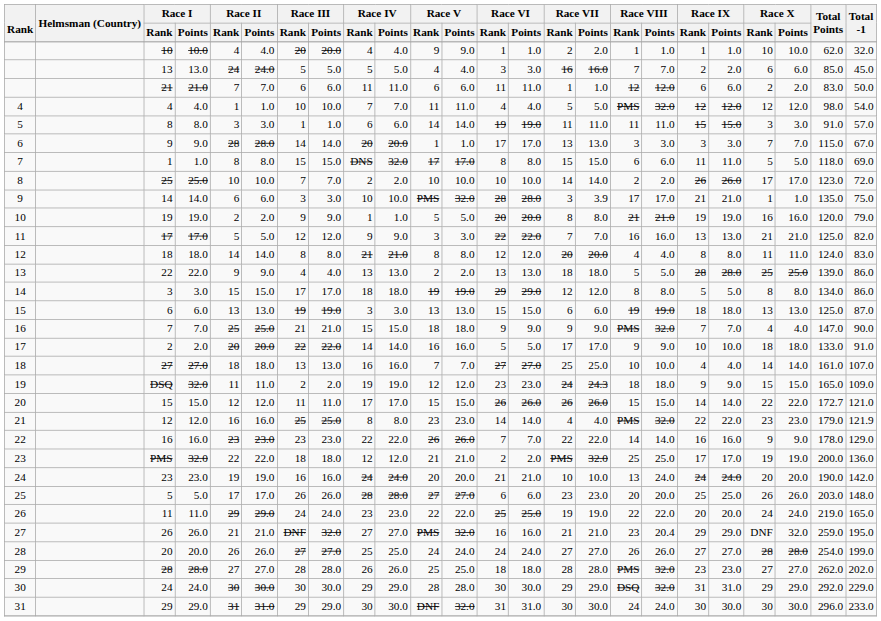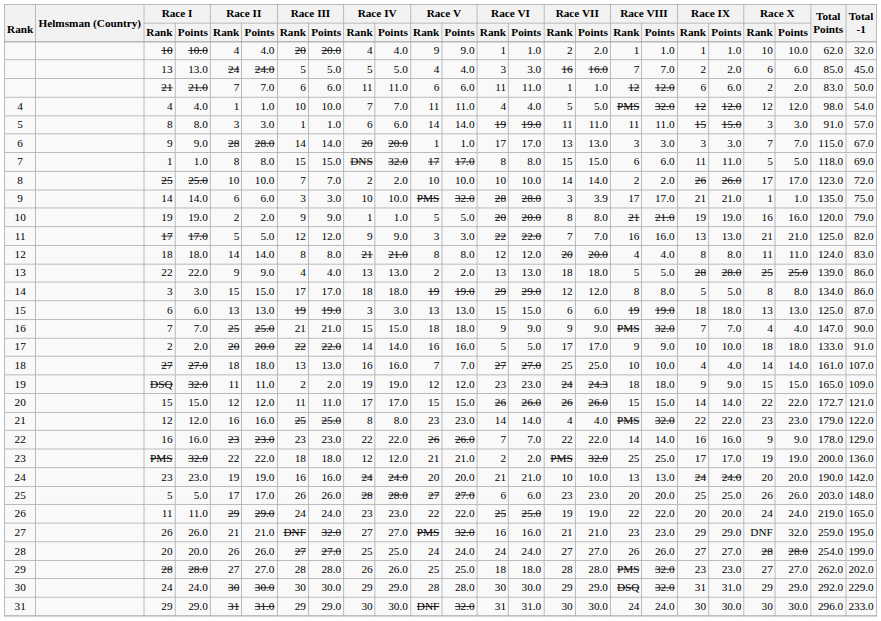 <table class="wikitable" style="text-align:right; font-size:90%">
 <tr>
 <th rowspan="2"><br>Rank</th>
 <th rowspan="2">Helmsman (Country)</th>
 <th colspan="2">Race I</th>
 <th colspan="2">Race II</th>
 <th colspan="2">Race III</th>
 <th colspan="2">Race IV</th>
 <th colspan="2">Race V</th>
 <th colspan="2">Race VI</th>
 <th colspan="2">Race VII</th>
 <th colspan="2">Race VIII</th>
 <th colspan="2">Race IX</th>
 <th colspan="2">Race X</th>
 <th rowspan="2">Total <br>Points <br></th>
 <th rowspan="2">Total<br>-1<br></th>
 </tr>
 <tr>
 <th>Rank</th>
 <th>Points</th>
 <th>Rank</th>
 <th>Points</th>
 <th>Rank</th>
 <th>Points</th>
 <th>Rank</th>
 <th>Points</th>
 <th>Rank</th>
 <th>Points</th>
 <th>Rank</th>
 <th>Points</th>
 <th>Rank</th>
 <th>Points</th>
 <th>Rank</th>
 <th>Points</th>
 <th>Rank</th>
 <th>Points</th>
 <th>Rank</th>
 <th>Points</th>
 </tr>
 <tr style="vertical-align:top;">
 </tr>
 <tr>
 <td align=center></td>
 <td align=left></td>
 <td><s>10</s></td>
 <td><s>10.0</s></td>
 <td>4</td>
 <td>4.0</td>
 <td><s>20</s></td>
 <td><s>20.0</s></td>
 <td>4</td>
 <td>4.0</td>
 <td>9</td>
 <td>9.0</td>
 <td>1</td>
 <td>1.0</td>
 <td>2</td>
 <td>2.0</td>
 <td>1</td>
 <td>1.0</td>
 <td>1</td>
 <td>1.0</td>
 <td>10</td>
 <td>10.0</td>
 <td>62.0</td>
 <td>32.0</td>
 </tr>
 <tr>
 <td align=center></td>
 <td align=left></td>
 <td>13</td>
 <td>13.0</td>
 <td><s>24</s></td>
 <td><s>24.0</s></td>
 <td>5</td>
 <td>5.0</td>
 <td>5</td>
 <td>5.0</td>
 <td>4</td>
 <td>4.0</td>
 <td>3</td>
 <td>3.0</td>
 <td><s>16</s></td>
 <td><s>16.0</s></td>
 <td>7</td>
 <td>7.0</td>
 <td>2</td>
 <td>2.0</td>
 <td>6</td>
 <td>6.0</td>
 <td>85.0</td>
 <td>45.0</td>
 </tr>
 <tr>
 <td align=center></td>
 <td align=left></td>
 <td><s>21</s></td>
 <td><s>21.0</s></td>
 <td>7</td>
 <td>7.0</td>
 <td>6</td>
 <td>6.0</td>
 <td>11</td>
 <td>11.0</td>
 <td>6</td>
 <td>6.0</td>
 <td>11</td>
 <td>11.0</td>
 <td>1</td>
 <td>1.0</td>
 <td><s>12</s></td>
 <td><s>12.0</s></td>
 <td>6</td>
 <td>6.0</td>
 <td>2</td>
 <td>2.0</td>
 <td>83.0</td>
 <td>50.0</td>
 </tr>
 <tr>
 <td align=center>4</td>
 <td align=left></td>
 <td>4</td>
 <td>4.0</td>
 <td>1</td>
 <td>1.0</td>
 <td>10</td>
 <td>10.0</td>
 <td>7</td>
 <td>7.0</td>
 <td>11</td>
 <td>11.0</td>
 <td>4</td>
 <td>4.0</td>
 <td>5</td>
 <td>5.0</td>
 <td><s>PMS</s></td>
 <td><s>32.0</s></td>
 <td><s>12</s></td>
 <td><s>12.0</s></td>
 <td>12</td>
 <td>12.0</td>
 <td>98.0</td>
 <td>54.0</td>
 </tr>
 <tr>
 <td align=center>5</td>
 <td align=left></td>
 <td>8</td>
 <td>8.0</td>
 <td>3</td>
 <td>3.0</td>
 <td>1</td>
 <td>1.0</td>
 <td>6</td>
 <td>6.0</td>
 <td>14</td>
 <td>14.0</td>
 <td><s>19</s></td>
 <td><s>19.0</s></td>
 <td>11</td>
 <td>11.0</td>
 <td>11</td>
 <td>11.0</td>
 <td><s>15</s></td>
 <td><s>15.0</s></td>
 <td>3</td>
 <td>3.0</td>
 <td>91.0</td>
 <td>57.0</td>
 </tr>
 <tr>
 <td align=center>6</td>
 <td align=left></td>
 <td>9</td>
 <td>9.0</td>
 <td><s>28</s></td>
 <td><s>28.0</s></td>
 <td>14</td>
 <td>14.0</td>
 <td><s>20</s></td>
 <td><s>20.0</s></td>
 <td>1</td>
 <td>1.0</td>
 <td>17</td>
 <td>17.0</td>
 <td>13</td>
 <td>13.0</td>
 <td>3</td>
 <td>3.0</td>
 <td>3</td>
 <td>3.0</td>
 <td>7</td>
 <td>7.0</td>
 <td>115.0</td>
 <td>67.0</td>
 </tr>
 <tr>
 <td align=center>7</td>
 <td align=left></td>
 <td>1</td>
 <td>1.0</td>
 <td>8</td>
 <td>8.0</td>
 <td>15</td>
 <td>15.0</td>
 <td><s>DNS</s></td>
 <td><s>32.0</s></td>
 <td><s>17</s></td>
 <td><s>17.0</s></td>
 <td>8</td>
 <td>8.0</td>
 <td>15</td>
 <td>15.0</td>
 <td>6</td>
 <td>6.0</td>
 <td>11</td>
 <td>11.0</td>
 <td>5</td>
 <td>5.0</td>
 <td>118.0</td>
 <td>69.0</td>
 </tr>
 <tr>
 <td align=center>8</td>
 <td align=left></td>
 <td><s>25</s></td>
 <td><s>25.0</s></td>
 <td>10</td>
 <td>10.0</td>
 <td>7</td>
 <td>7.0</td>
 <td>2</td>
 <td>2.0</td>
 <td>10</td>
 <td>10.0</td>
 <td>10</td>
 <td>10.0</td>
 <td>14</td>
 <td>14.0</td>
 <td>2</td>
 <td>2.0</td>
 <td><s>26</s></td>
 <td><s>26.0</s></td>
 <td>17</td>
 <td>17.0</td>
 <td>123.0</td>
 <td>72.0</td>
 </tr>
 <tr>
 <td align=center>9</td>
 <td align=left></td>
 <td>14</td>
 <td>14.0</td>
 <td>6</td>
 <td>6.0</td>
 <td>3</td>
 <td>3.0</td>
 <td>10</td>
 <td>10.0</td>
 <td><s>PMS</s></td>
 <td><s>32.0</s></td>
 <td><s>28</s></td>
 <td><s>28.0</s></td>
 <td>3</td>
 <td>3.9</td>
 <td>17</td>
 <td>17.0</td>
 <td>21</td>
 <td>21.0</td>
 <td>1</td>
 <td>1.0</td>
 <td>135.0</td>
 <td>75.0</td>
 </tr>
 <tr>
 <td align=center>10</td>
 <td align=left></td>
 <td>19</td>
 <td>19.0</td>
 <td>2</td>
 <td>2.0</td>
 <td>9</td>
 <td>9.0</td>
 <td>1</td>
 <td>1.0</td>
 <td>5</td>
 <td>5.0</td>
 <td><s>20</s></td>
 <td><s>20.0</s></td>
 <td>8</td>
 <td>8.0</td>
 <td><s>21</s></td>
 <td><s>21.0</s></td>
 <td>19</td>
 <td>19.0</td>
 <td>16</td>
 <td>16.0</td>
 <td>120.0</td>
 <td>79.0</td>
 </tr>
 <tr>
 <td align=center>11</td>
 <td align=left></td>
 <td><s>17</s></td>
 <td><s>17.0</s></td>
 <td>5</td>
 <td>5.0</td>
 <td>12</td>
 <td>12.0</td>
 <td>9</td>
 <td>9.0</td>
 <td>3</td>
 <td>3.0</td>
 <td><s>22</s></td>
 <td><s>22.0</s></td>
 <td>7</td>
 <td>7.0</td>
 <td>16</td>
 <td>16.0</td>
 <td>13</td>
 <td>13.0</td>
 <td>21</td>
 <td>21.0</td>
 <td>125.0</td>
 <td>82.0</td>
 </tr>
 <tr>
 <td align=center>12</td>
 <td align=left></td>
 <td>18</td>
 <td>18.0</td>
 <td>14</td>
 <td>14.0</td>
 <td>8</td>
 <td>8.0</td>
 <td><s>21</s></td>
 <td><s>21.0</s></td>
 <td>8</td>
 <td>8.0</td>
 <td>12</td>
 <td>12.0</td>
 <td><s>20</s></td>
 <td><s>20.0</s></td>
 <td>4</td>
 <td>4.0</td>
 <td>8</td>
 <td>8.0</td>
 <td>11</td>
 <td>11.0</td>
 <td>124.0</td>
 <td>83.0</td>
 </tr>
 <tr>
 <td align=center>13</td>
 <td align=left></td>
 <td>22</td>
 <td>22.0</td>
 <td>9</td>
 <td>9.0</td>
 <td>4</td>
 <td>4.0</td>
 <td>13</td>
 <td>13.0</td>
 <td>2</td>
 <td>2.0</td>
 <td>13</td>
 <td>13.0</td>
 <td>18</td>
 <td>18.0</td>
 <td>5</td>
 <td>5.0</td>
 <td><s>28</s></td>
 <td><s>28.0</s></td>
 <td><s>25</s></td>
 <td><s>25.0</s></td>
 <td>139.0</td>
 <td>86.0</td>
 </tr>
 <tr>
 <td align=center>14</td>
 <td align=left></td>
 <td>3</td>
 <td>3.0</td>
 <td>15</td>
 <td>15.0</td>
 <td>17</td>
 <td>17.0</td>
 <td>18</td>
 <td>18.0</td>
 <td><s>19</s></td>
 <td><s>19.0</s></td>
 <td><s>29</s></td>
 <td><s>29.0</s></td>
 <td>12</td>
 <td>12.0</td>
 <td>8</td>
 <td>8.0</td>
 <td>5</td>
 <td>5.0</td>
 <td>8</td>
 <td>8.0</td>
 <td>134.0</td>
 <td>86.0</td>
 </tr>
 <tr>
 <td align=center>15</td>
 <td align=left></td>
 <td>6</td>
 <td>6.0</td>
 <td>13</td>
 <td>13.0</td>
 <td><s>19</s></td>
 <td><s>19.0</s></td>
 <td>3</td>
 <td>3.0</td>
 <td>13</td>
 <td>13.0</td>
 <td>15</td>
 <td>15.0</td>
 <td>6</td>
 <td>6.0</td>
 <td><s>19</s></td>
 <td><s>19.0</s></td>
 <td>18</td>
 <td>18.0</td>
 <td>13</td>
 <td>13.0</td>
 <td>125.0</td>
 <td>87.0</td>
 </tr>
 <tr>
 <td align=center>16</td>
 <td align=left></td>
 <td>7</td>
 <td>7.0</td>
 <td><s>25</s></td>
 <td><s>25.0</s></td>
 <td>21</td>
 <td>21.0</td>
 <td>15</td>
 <td>15.0</td>
 <td>18</td>
 <td>18.0</td>
 <td>9</td>
 <td>9.0</td>
 <td>9</td>
 <td>9.0</td>
 <td><s>PMS</s></td>
 <td><s>32.0</s></td>
 <td>7</td>
 <td>7.0</td>
 <td>4</td>
 <td>4.0</td>
 <td>147.0</td>
 <td>90.0</td>
 </tr>
 <tr>
 <td align=center>17</td>
 <td align=left></td>
 <td>2</td>
 <td>2.0</td>
 <td><s>20</s></td>
 <td><s>20.0</s></td>
 <td><s>22</s></td>
 <td><s>22.0</s></td>
 <td>14</td>
 <td>14.0</td>
 <td>16</td>
 <td>16.0</td>
 <td>5</td>
 <td>5.0</td>
 <td>17</td>
 <td>17.0</td>
 <td>9</td>
 <td>9.0</td>
 <td>10</td>
 <td>10.0</td>
 <td>18</td>
 <td>18.0</td>
 <td>133.0</td>
 <td>91.0</td>
 </tr>
 <tr>
 <td align=center>18</td>
 <td align=left></td>
 <td><s>27</s></td>
 <td><s>27.0</s></td>
 <td>18</td>
 <td>18.0</td>
 <td>13</td>
 <td>13.0</td>
 <td>16</td>
 <td>16.0</td>
 <td>7</td>
 <td>7.0</td>
 <td><s>27</s></td>
 <td><s>27.0</s></td>
 <td>25</td>
 <td>25.0</td>
 <td>10</td>
 <td>10.0</td>
 <td>4</td>
 <td>4.0</td>
 <td>14</td>
 <td>14.0</td>
 <td>161.0</td>
 <td>107.0</td>
 </tr>
 <tr>
 <td align=center>19</td>
 <td align=left></td>
 <td><s>DSQ</s></td>
 <td><s>32.0</s></td>
 <td>11</td>
 <td>11.0</td>
 <td>2</td>
 <td>2.0</td>
 <td>19</td>
 <td>19.0</td>
 <td>12</td>
 <td>12.0</td>
 <td>23</td>
 <td>23.0</td>
 <td><s>24</s></td>
 <td><s>24.3</s></td>
 <td>18</td>
 <td>18.0</td>
 <td>9</td>
 <td>9.0</td>
 <td>15</td>
 <td>15.0</td>
 <td>165.0</td>
 <td>109.0</td>
 </tr>
 <tr>
 <td align=center>20</td>
 <td align=left></td>
 <td>15</td>
 <td>15.0</td>
 <td>12</td>
 <td>12.0</td>
 <td>11</td>
 <td>11.0</td>
 <td>17</td>
 <td>17.0</td>
 <td>15</td>
 <td>15.0</td>
 <td><s>26</s></td>
 <td><s>26.0</s></td>
 <td><s>26</s></td>
 <td><s>26.0</s></td>
 <td>15</td>
 <td>15.0</td>
 <td>14</td>
 <td>14.0</td>
 <td>22</td>
 <td>22.0</td>
 <td>172.7</td>
 <td>121.0</td>
 </tr>
 <tr>
 <td align=center>21</td>
 <td align=left></td>
 <td>12</td>
 <td>12.0</td>
 <td>16</td>
 <td>16.0</td>
 <td><s>25</s></td>
 <td><s>25.0</s></td>
 <td>8</td>
 <td>8.0</td>
 <td>23</td>
 <td>23.0</td>
 <td>14</td>
 <td>14.0</td>
 <td>4</td>
 <td>4.0</td>
 <td><s>PMS</s></td>
 <td><s>32.0</s></td>
 <td>22</td>
 <td>22.0</td>
 <td>23</td>
 <td>23.0</td>
 <td>179.0</td>
-<td>121.9</td>
+<td>122.0</td>
 </tr>
 <tr>
 <td align=center>22</td>
 <td align=left></td>
 <td>16</td>
 <td>16.0</td>
 <td><s>23</s></td>
 <td><s>23.0</s></td>
 <td>23</td>
 <td>23.0</td>
 <td>22</td>
 <td>22.0</td>
 <td><s>26</s></td>
 <td><s>26.0</s></td>
 <td>7</td>
 <td>7.0</td>
 <td>22</td>
 <td>22.0</td>
 <td>14</td>
 <td>14.0</td>
 <td>16</td>
 <td>16.0</td>
 <td>9</td>
 <td>9.0</td>
 <td>178.0</td>
 <td>129.0</td>
 </tr>
 <tr>
 <td align=center>23</td>
 <td align=left></td>
 <td><s>PMS</s></td>
 <td><s>32.0</s></td>
 <td>22</td>
 <td>22.0</td>
 <td>18</td>
 <td>18.0</td>
 <td>12</td>
 <td>12.0</td>
 <td>21</td>
 <td>21.0</td>
 <td>2</td>
 <td>2.0</td>
 <td><s>PMS</s></td>
 <td><s>32.0</s></td>
 <td>25</td>
 <td>25.0</td>
 <td>17</td>
 <td>17.0</td>
 <td>19</td>
 <td>19.0</td>
 <td>200.0</td>
 <td>136.0</td>
 </tr>
 <tr>
 <td align=center>24</td>
 <td align=left></td>
 <td>23</td>
 <td>23.0</td>
 <td>19</td>
 <td>19.0</td>
 <td>16</td>
 <td>16.0</td>
 <td><s>24</s></td>
 <td><s>24.0</s></td>
 <td>20</td>
 <td>20.0</td>
 <td>21</td>
 <td>21.0</td>
 <td>10</td>
 <td>10.0</td>
 <td>13</td>
-<td>24.0</td>
+<td>13.0</td>
 <td><s>24</s></td>
 <td><s>24.0</s></td>
 <td>20</td>
 <td>20.0</td>
 <td>190.0</td>
 <td>142.0</td>
 </tr>
 <tr>
 <td align=center>25</td>
 <td align=left></td>
 <td>5</td>
 <td>5.0</td>
 <td>17</td>
 <td>17.0</td>
 <td>26</td>
 <td>26.0</td>
 <td><s>28</s></td>
 <td><s>28.0</s></td>
 <td><s>27</s></td>
 <td><s>27.0</s></td>
 <td>6</td>
 <td>6.0</td>
 <td>23</td>
 <td>23.0</td>
 <td>20</td>
 <td>20.0</td>
 <td>25</td>
 <td>25.0</td>
 <td>26</td>
 <td>26.0</td>
 <td>203.0</td>
 <td>148.0</td>
 </tr>
 <tr>
 <td align=center>26</td>
 <td align=left></td>
 <td>11</td>
 <td>11.0</td>
 <td><s>29</s></td>
 <td><s>29.0</s></td>
 <td>24</td>
 <td>24.0</td>
 <td>23</td>
 <td>23.0</td>
 <td>22</td>
 <td>22.0</td>
 <td><s>25</s></td>
 <td><s>25.0</s></td>
 <td>19</td>
 <td>19.0</td>
 <td>22</td>
 <td>22.0</td>
 <td>20</td>
 <td>20.0</td>
 <td>24</td>
 <td>24.0</td>
 <td>219.0</td>
 <td>165.0</td>
 </tr>
 <tr>
 <td align=center>27</td>
 <td align=left></td>
 <td>26</td>
 <td>26.0</td>
 <td>21</td>
 <td>21.0</td>
 <td><s>DNF</s></td>
 <td><s>32.0</s></td>
 <td>27</td>
 <td>27.0</td>
 <td><s>PMS</s></td>
 <td><s>32.0</s></td>
 <td>16</td>
 <td>16.0</td>
 <td>21</td>
 <td>21.0</td>
 <td>23</td>
-<td>20.4</td>
+<td>23.0</td>
 <td>29</td>
 <td>29.0</td>
 <td>DNF</td>
 <td>32.0</td>
 <td>259.0</td>
 <td>195.0</td>
 </tr>
 <tr>
 <td align=center>28</td>
 <td align=left></td>
 <td>20</td>
 <td>20.0</td>
 <td>26</td>
 <td>26.0</td>
 <td><s>27</s></td>
 <td><s>27.0</s></td>
 <td>25</td>
 <td>25.0</td>
 <td>24</td>
 <td>24.0</td>
 <td>24</td>
 <td>24.0</td>
 <td>27</td>
 <td>27.0</td>
 <td>26</td>
 <td>26.0</td>
 <td>27</td>
 <td>27.0</td>
 <td><s>28</s></td>
 <td><s>28.0</s></td>
 <td>254.0</td>
 <td>199.0</td>
 </tr>
 <tr>
 <td align=center>29</td>
 <td align=left></td>
 <td><s>28</s></td>
 <td><s>28.0</s></td>
 <td>27</td>
 <td>27.0</td>
 <td>28</td>
 <td>28.0</td>
 <td>26</td>
 <td>26.0</td>
 <td>25</td>
 <td>25.0</td>
 <td>18</td>
 <td>18.0</td>
 <td>28</td>
 <td>28.0</td>
 <td><s>PMS</s></td>
 <td><s>32.0</s></td>
 <td>23</td>
 <td>23.0</td>
 <td>27</td>
 <td>27.0</td>
 <td>262.0</td>
 <td>202.0</td>
 </tr>
 <tr>
 <td align=center>30</td>
 <td align=left></td>
 <td>24</td>
 <td>24.0</td>
 <td><s>30</s></td>
 <td><s>30.0</s></td>
 <td>30</td>
 <td>30.0</td>
 <td>29</td>
 <td>29.0</td>
 <td>28</td>
 <td>28.0</td>
 <td>30</td>
 <td>30.0</td>
 <td>29</td>
 <td>29.0</td>
 <td><s>DSQ</s></td>
 <td><s>32.0</s></td>
 <td>31</td>
 <td>31.0</td>
 <td>29</td>
 <td>29.0</td>
 <td>292.0</td>
 <td>229.0</td>
 </tr>
 <tr>
 <td align=center>31</td>
 <td align=left></td>
 <td>29</td>
 <td>29.0</td>
 <td><s>31</s></td>
 <td><s>31.0</s></td>
 <td>29</td>
 <td>29.0</td>
 <td>30</td>
 <td>30.0</td>
 <td><s>DNF</s></td>
 <td><s>32.0</s></td>
 <td>31</td>
 <td>31.0</td>
 <td>30</td>
 <td>30.0</td>
 <td>24</td>
 <td>24.0</td>
 <td>30</td>
 <td>30.0</td>
 <td>30</td>
 <td>30.0</td>
 <td>296.0</td>
 <td>233.0</td>
 </tr>
 <tr>
 </tr>
 </table>
